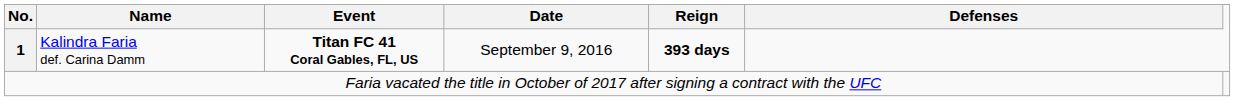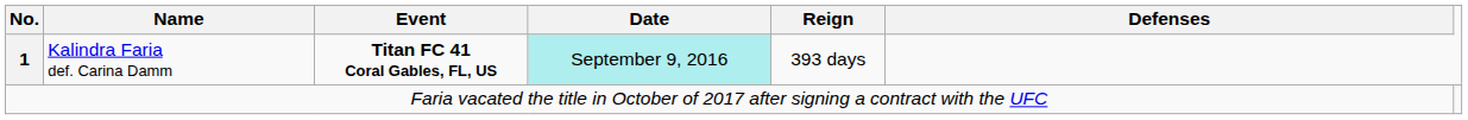 <table class="wikitable" width=100%>
 <tr>
 <th width=1%>No.</th>
 <th width=19%>Name</th>
 <th width=15%>Event</th>
 <th width=17%>Date</th>
 <th width=8%>Reign</th>
 <th width=40%>Defenses</th>
 </tr>
 <tr>
 <th>1</th>
 <td> <a href='#'>Kalindra Faria</a><br><small>def. Carina Damm</small></td>
 <td align=center><strong>Titan FC 41 <br><small> Coral Gables, FL, US </small></strong></td>
-<td align=center>September 9, 2016</td>
-<td align=center><strong>393 days</strong></td>
+<td align=center style="background: paleturquoise;">September 9, 2016</td>
+<td align=center>393 days</td>
 </tr>
 <tr>
 <td align="center" colspan="6"><em>Faria vacated the title in October of 2017 after signing a contract with the <a href='#'>UFC</a></em></td>
 <td></td>
 </tr>
 </table>
